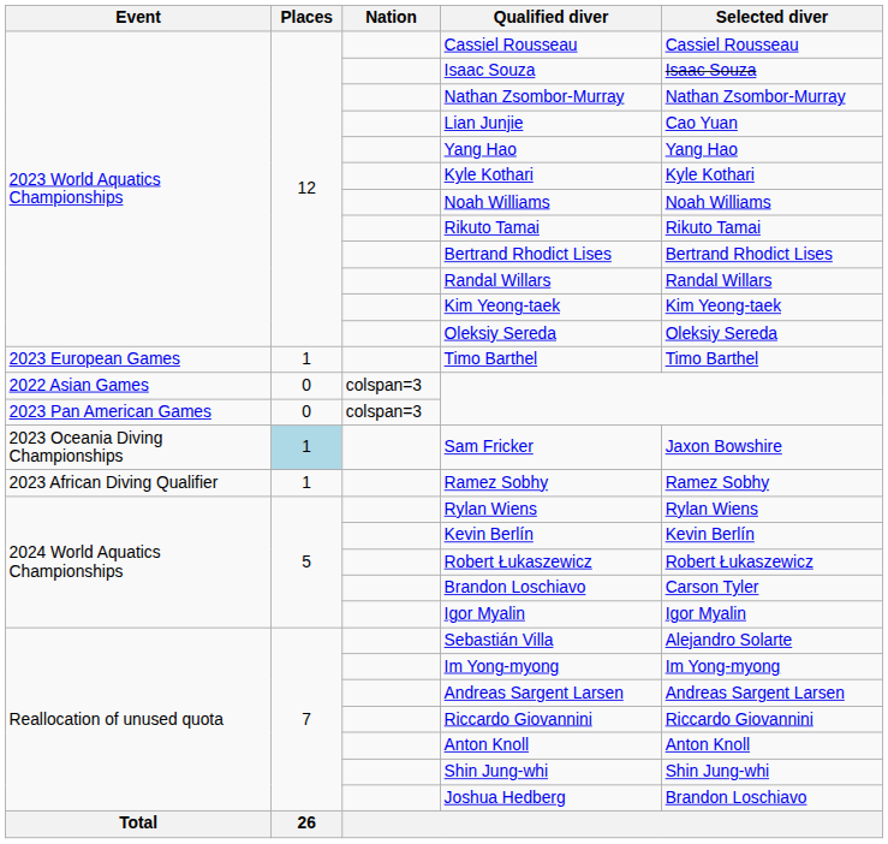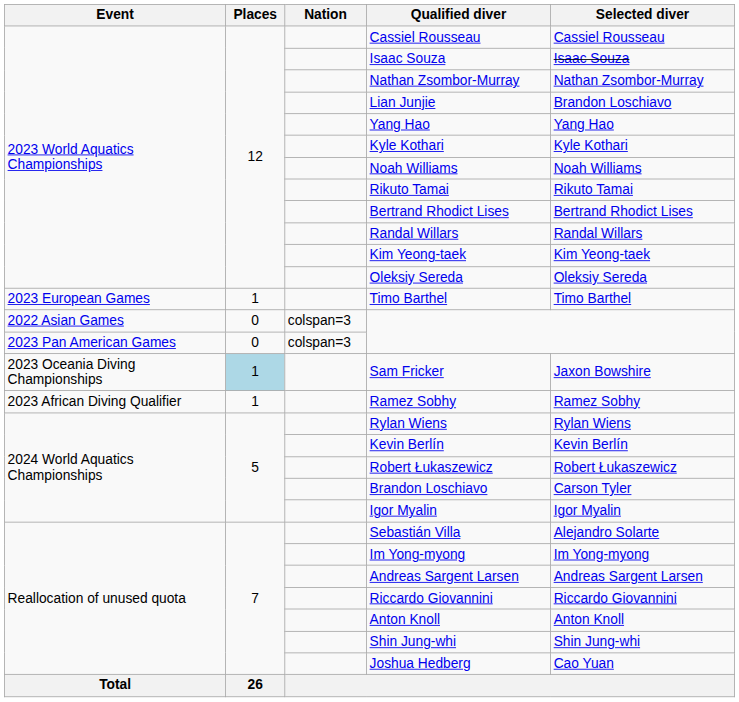 <table class="wikitable" width=850>
 <tr>
 <th width=250>Event</th>
 <th>Places</th>
 <th>Nation</th>
 <th>Qualified diver</th>
 <th>Selected diver</th>
 </tr>
 <tr>
 <td rowspan=12><a href='#'>2023 World Aquatics Championships</a></td>
 <td rowspan=12 align=center>12</td>
 <td></td>
 <td><a href='#'>Cassiel Rousseau</a></td>
 <td><a href='#'>Cassiel Rousseau</a></td>
 </tr>
 <tr>
 <td></td>
 <td><a href='#'>Isaac Souza</a></td>
 <td><s><a href='#'>Isaac Souza</a></s></td>
 </tr>
 <tr>
 <td></td>
 <td><a href='#'>Nathan Zsombor-Murray</a></td>
 <td><a href='#'>Nathan Zsombor-Murray</a></td>
 </tr>
 <tr>
 <td></td>
 <td><a href='#'>Lian Junjie</a></td>
-<td><a href='#'>Cao Yuan</a></td>
+<td><a href='#'>Brandon Loschiavo</a></td>
 </tr>
 <tr>
 <td></td>
 <td><a href='#'>Yang Hao</a></td>
 <td><a href='#'>Yang Hao</a></td>
 </tr>
 <tr>
 <td></td>
 <td><a href='#'>Kyle Kothari</a></td>
 <td><a href='#'>Kyle Kothari</a></td>
 </tr>
 <tr>
 <td></td>
 <td><a href='#'>Noah Williams</a></td>
 <td><a href='#'>Noah Williams</a></td>
 </tr>
 <tr>
 <td></td>
 <td><a href='#'>Rikuto Tamai</a></td>
 <td><a href='#'>Rikuto Tamai</a></td>
 </tr>
 <tr>
 <td></td>
 <td><a href='#'>Bertrand Rhodict Lises</a></td>
 <td><a href='#'>Bertrand Rhodict Lises</a></td>
 </tr>
 <tr>
 <td></td>
 <td><a href='#'>Randal Willars</a></td>
 <td><a href='#'>Randal Willars</a></td>
 </tr>
 <tr>
 <td></td>
 <td><a href='#'>Kim Yeong-taek</a></td>
 <td><a href='#'>Kim Yeong-taek</a></td>
 </tr>
 <tr>
 <td></td>
 <td><a href='#'>Oleksiy Sereda</a></td>
 <td><a href='#'>Oleksiy Sereda</a></td>
 </tr>
 <tr>
 <td><a href='#'>2023 European Games</a></td>
 <td align=center>1</td>
 <td></td>
 <td><a href='#'>Timo Barthel</a></td>
 <td><a href='#'>Timo Barthel</a></td>
 </tr>
 <tr>
 <td><a href='#'>2022 Asian Games</a></td>
 <td align=center>0</td>
 <td>colspan=3 </td>
 </tr>
 <tr>
 <td><a href='#'>2023 Pan American Games</a></td>
 <td align=center>0</td>
 <td>colspan=3 </td>
 </tr>
 <tr>
 <td>2023 Oceania Diving Championships</td>
 <td align=center style="background: lightblue;">1</td>
 <td></td>
 <td><a href='#'>Sam Fricker</a></td>
 <td><a href='#'>Jaxon Bowshire</a></td>
 </tr>
 <tr>
 <td>2023 African Diving Qualifier</td>
 <td align=center>1</td>
 <td></td>
 <td><a href='#'>Ramez Sobhy</a></td>
 <td><a href='#'>Ramez Sobhy</a></td>
 </tr>
 <tr>
 <td rowspan="5">2024 World Aquatics Championships</td>
 <td rowspan="5" align="center">5</td>
 <td></td>
 <td><a href='#'>Rylan Wiens</a></td>
 <td><a href='#'>Rylan Wiens</a></td>
 </tr>
 <tr>
 <td></td>
 <td><a href='#'>Kevin Berlín</a></td>
 <td><a href='#'>Kevin Berlín</a></td>
 </tr>
 <tr>
 <td></td>
 <td><a href='#'>Robert Łukaszewicz</a></td>
 <td><a href='#'>Robert Łukaszewicz</a></td>
 </tr>
 <tr>
 <td></td>
 <td><a href='#'>Brandon Loschiavo</a></td>
 <td><a href='#'>Carson Tyler</a></td>
 </tr>
 <tr>
 <td></td>
 <td><a href='#'>Igor Myalin</a></td>
 <td><a href='#'>Igor Myalin</a></td>
 </tr>
 <tr>
 <td rowspan="7">Reallocation of unused quota</td>
 <td rowspan="7" align="center">7</td>
 <td></td>
 <td><a href='#'>Sebastián Villa</a></td>
 <td><a href='#'>Alejandro Solarte</a></td>
 </tr>
 <tr>
 <td></td>
 <td><a href='#'>Im Yong-myong</a></td>
 <td><a href='#'>Im Yong-myong</a></td>
 </tr>
 <tr>
 <td></td>
 <td><a href='#'>Andreas Sargent Larsen</a></td>
 <td><a href='#'>Andreas Sargent Larsen</a></td>
 </tr>
 <tr>
 <td></td>
 <td><a href='#'>Riccardo Giovannini</a></td>
 <td><a href='#'>Riccardo Giovannini</a></td>
 </tr>
 <tr>
 <td></td>
 <td><a href='#'>Anton Knoll</a></td>
 <td><a href='#'>Anton Knoll</a></td>
 </tr>
 <tr>
 <td></td>
 <td><a href='#'>Shin Jung-whi</a></td>
 <td><a href='#'>Shin Jung-whi</a></td>
 </tr>
 <tr>
 <td></td>
 <td><a href='#'>Joshua Hedberg</a></td>
-<td><a href='#'>Brandon Loschiavo</a></td>
+<td><a href='#'>Cao Yuan</a></td>
 </tr>
 <tr>
 <th>Total</th>
 <th>26</th>
 <th colspan="3"></th>
 </tr>
 </table>
